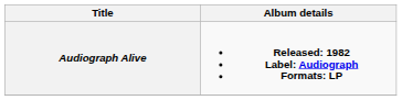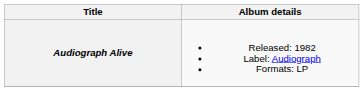 <table class="wikitable plainrowheaders" style="text-align:center;">
 <tr>
 <th scope="col" style="width:18em;">Title</th>
 <th scope="col" style="width:18em;">Album details</th>
 </tr>
 <tr>
 <th scope="row"><em>Audiograph Alive</em></th>
-<td><strong><br><ul><li>Released: 1982</li><li>Label: <a href='#'>Audiograph</a></li><li>Formats: LP</li></ul></strong></td>
+<td><br><ul><li>Released: 1982</li><li>Label: <a href='#'>Audiograph</a></li><li>Formats: LP</li></ul></td>
 </tr>
 <tr>
 </tr>
 </table>
